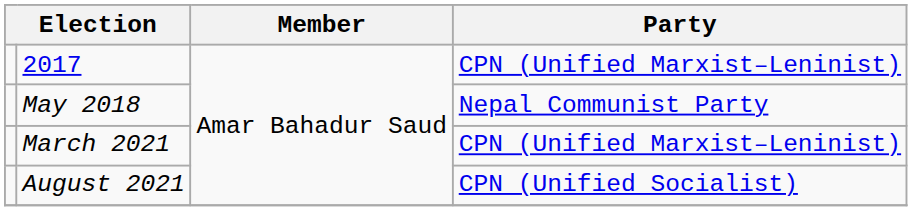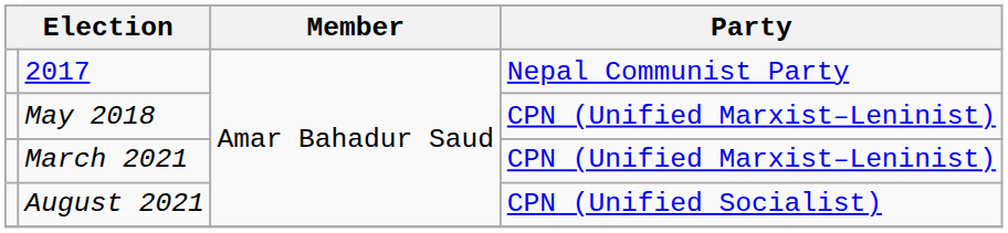 <table class="wikitable">
 <tr>
 <th colspan="2">Election</th>
 <th>Member</th>
 <th>Party</th>
 </tr>
 <tr>
 <td style="background-color:"></td>
 <td><a href='#'>2017</a></td>
 <td rowspan="4">Amar Bahadur Saud</td>
-<td><a href='#'>CPN (Unified Marxist–Leninist)</a></td>
+<td><a href='#'>Nepal Communist Party</a></td>
 </tr>
 <tr>
 <td style="background-color:"></td>
 <td><em>May 2018</em></td>
-<td><a href='#'>Nepal Communist Party</a></td>
+<td><a href='#'>CPN (Unified Marxist–Leninist)</a></td>
 </tr>
 <tr>
 <td style="background-color:"></td>
 <td><em>March 2021</em></td>
 <td><a href='#'>CPN (Unified Marxist–Leninist)</a></td>
 </tr>
 <tr>
 <td style="background-color:"></td>
 <td><em>August 2021</em></td>
 <td><a href='#'>CPN (Unified Socialist)</a></td>
 </tr>
 <tr>
 </tr>
 </table>
